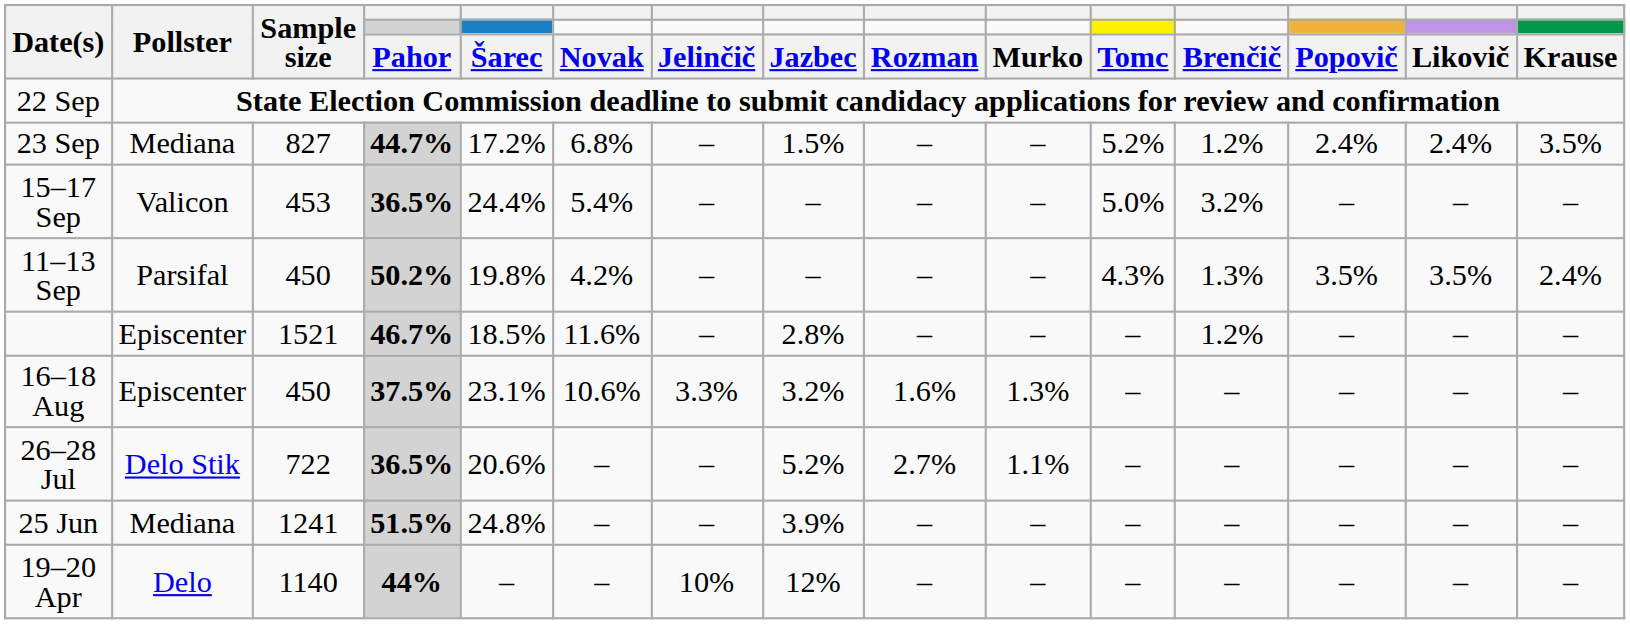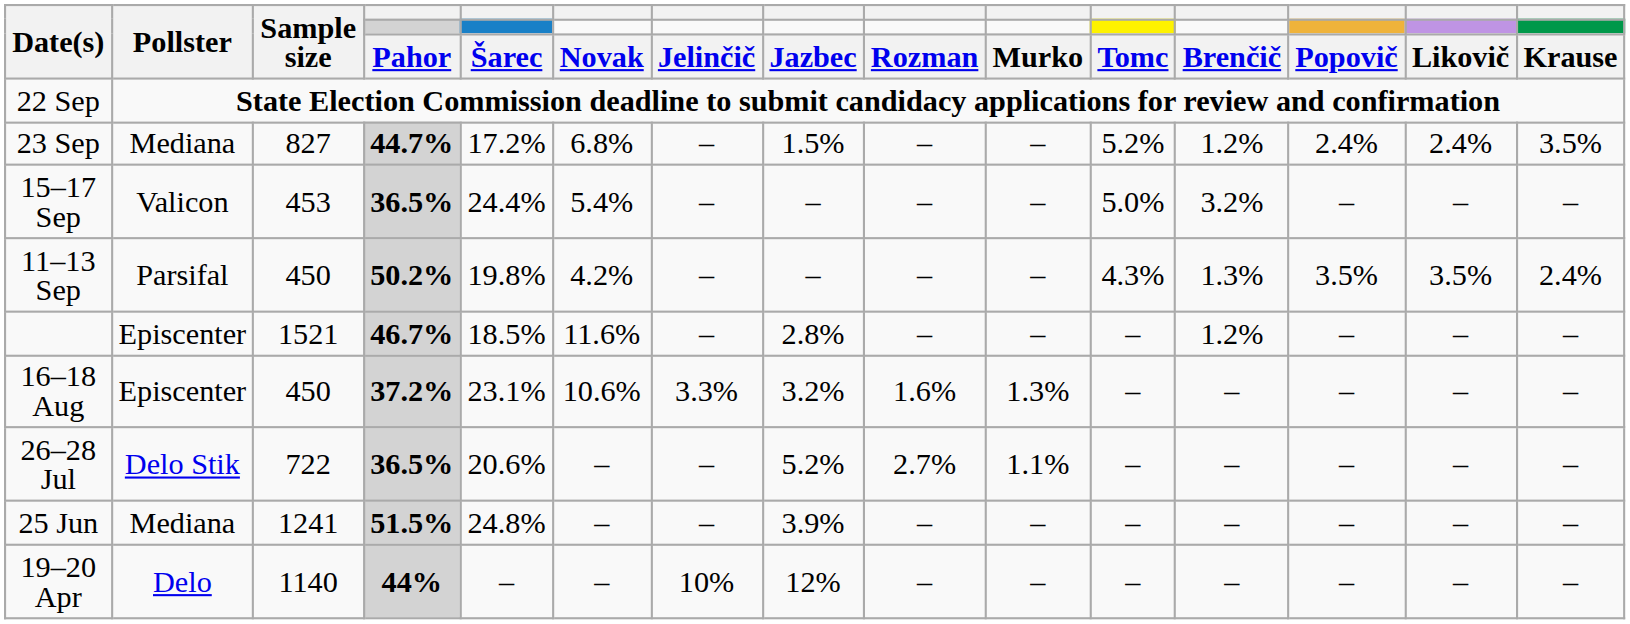 <table class="wikitable" style="text-align:center; font-size:90%; line-height:14px;">
 <tr>
 <th rowspan="3" style="width:95px;">Date(s)</th>
 <th rowspan="3" style="width:110px;">Pollster</th>
 <th rowspan="3" style="width:35px;">Sample<br>size</th>
 <th style="width:60px;"></th>
 <th style="width:60px;"></th>
 <th style="width:60px;"></th>
 <th style="width:60px;"></th>
 <th style="width:60px;"></th>
 <th style="width:60px;"></th>
 <th></th>
 <th style="width:60px;"></th>
 <th style="width:60px;"></th>
 <th style="width:60px;"></th>
 <th style="width:60px;"></th>
 <th style="width:60px;"></th>
 </tr>
 <tr>
 <td style="background:#D3D3D3;"></td>
 <td style="background:#1980C7;"></td>
 <td style="background:"></td>
 <td></td>
 <td></td>
 <td></td>
 <td></td>
 <td style="background:#FEF200;"></td>
 <td style="background:"></td>
 <td style="background:#EFB33B;"></td>
 <td style="background:#BF94E4;"></td>
 <td style="background:#00984A;"></td>
 </tr>
 <tr>
 <th><a href='#'>Pahor</a><br></th>
 <th><a href='#'>Šarec</a><br></th>
 <th><a href='#'>Novak</a><br></th>
 <th><a href='#'>Jelinčič</a></th>
 <th><a href='#'>Jazbec</a></th>
 <th><a href='#'>Rozman</a></th>
 <th>Murko</th>
 <th><a href='#'>Tomc</a><br></th>
 <th><a href='#'>Brenčič</a><br></th>
 <th><a href='#'>Popovič</a><br></th>
 <th>Likovič<br></th>
 <th>Krause<br></th>
 </tr>
 <tr>
 <td>22 Sep</td>
 <td colspan="14"><strong>State Election Commission deadline to submit candidacy applications for review and confirmation</strong></td>
 </tr>
 <tr>
 <td>23 Sep</td>
 <td>Mediana</td>
 <td>827</td>
 <td style="background:#D3D3D3"><strong>44.7%</strong></td>
 <td>17.2%</td>
 <td>6.8%</td>
 <td>–</td>
 <td>1.5%</td>
 <td>–</td>
 <td>–</td>
 <td>5.2%</td>
 <td>1.2%</td>
 <td>2.4%</td>
 <td>2.4%</td>
 <td>3.5%</td>
 </tr>
 <tr>
 <td>15–17 Sep</td>
 <td>Valicon</td>
 <td>453</td>
 <td style="background:#D3D3D3"><strong>36.5%</strong></td>
 <td>24.4%</td>
 <td>5.4%</td>
 <td>–</td>
 <td>–</td>
 <td>–</td>
 <td>–</td>
 <td>5.0%</td>
 <td>3.2%</td>
 <td>–</td>
 <td>–</td>
 <td>–</td>
 </tr>
 <tr>
 <td>11–13 Sep</td>
 <td>Parsifal</td>
 <td>450</td>
 <td style="background:#D3D3D3"><strong>50.2%</strong></td>
 <td>19.8%</td>
 <td>4.2%</td>
 <td>–</td>
 <td>–</td>
 <td>–</td>
 <td>–</td>
 <td>4.3%</td>
 <td>1.3%</td>
 <td>3.5%</td>
 <td>3.5%</td>
 <td>2.4%</td>
 </tr>
 <tr>
 <td></td>
 <td>Episcenter</td>
 <td>1521</td>
 <td style="background:#D3D3D3"><strong>46.7%</strong></td>
 <td>18.5%</td>
 <td>11.6%</td>
 <td>–</td>
 <td>2.8%</td>
 <td>–</td>
 <td>–</td>
 <td>–</td>
 <td>1.2%</td>
 <td>–</td>
 <td>–</td>
 <td>–</td>
 </tr>
 <tr>
 <td>16–18 Aug</td>
 <td>Episcenter</td>
 <td>450</td>
-<td style="background:#D3D3D3"><strong>37.5%</strong></td>
+<td style="background:#D3D3D3"><strong>37.2%</strong></td>
 <td>23.1%</td>
 <td>10.6%</td>
 <td>3.3%</td>
 <td>3.2%</td>
 <td>1.6%</td>
 <td>1.3%</td>
 <td>–</td>
 <td>–</td>
 <td>–</td>
 <td>–</td>
 <td>–</td>
 </tr>
 <tr>
 <td>26–28 Jul</td>
 <td><a href='#'>Delo Stik</a></td>
 <td>722</td>
 <td style="background:#D3D3D3"><strong>36.5%</strong></td>
 <td>20.6%</td>
 <td>–</td>
 <td>–</td>
 <td>5.2%</td>
 <td>2.7%</td>
 <td>1.1%</td>
 <td>–</td>
 <td>–</td>
 <td>–</td>
 <td>–</td>
 <td>–</td>
 </tr>
 <tr>
 <td>25 Jun</td>
 <td>Mediana</td>
 <td>1241</td>
 <td style="background:#D3D3D3"><strong>51.5%</strong></td>
 <td>24.8%</td>
 <td>–</td>
 <td>–</td>
 <td>3.9%</td>
 <td>–</td>
 <td>–</td>
 <td>–</td>
 <td>–</td>
 <td>–</td>
 <td>–</td>
 <td>–</td>
 </tr>
 <tr>
 <td>19–20 Apr</td>
 <td><a href='#'>Delo</a></td>
 <td>1140</td>
 <td style="background:#D3D3D3"><strong>44%</strong></td>
 <td>–</td>
 <td>–</td>
 <td>10%</td>
 <td>12%</td>
 <td>–</td>
 <td>–</td>
 <td>–</td>
 <td>–</td>
 <td>–</td>
 <td>–</td>
 <td>–</td>
 </tr>
 </table>
